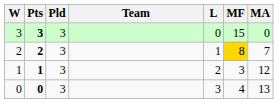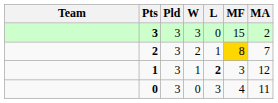 <table class=wikitable style="text-align:right">
 <tr>
-<th width=20>W</th>
+<th width=175>Team</th>
 <th width=20>Pts</th>
 <th width=20>Pld</th>
-<th width=175>Team</th>
+<th width=20>W</th>
 <th width=20>L</th>
 <th width=20>MF</th>
 <th width=20>MA</th>
 </tr>
 <tr bgcolor=ccffcc>
-<td>3</td>
+<td style="text-align:left"><strong></strong></td>
 <td><strong>3</strong></td>
 <td>3</td>
-<td style="text-align:left"><strong></strong></td>
+<td>3</td>
 <td>0</td>
 <td>15</td>
-<td>0</td>
+<td>2</td>
 </tr>
 <tr>
-<td>2</td>
+<td style="text-align:left"></td>
 <td><strong>2</strong></td>
 <td>3</td>
-<td style="text-align:left"></td>
+<td>2</td>
 <td>1</td>
 <td style="background: gold;">8</td>
 <td>7</td>
 </tr>
 <tr>
-<td>1</td>
+<td style="text-align:left"></td>
 <td><strong>1</strong></td>
 <td>3</td>
-<td style="text-align:left"></td>
-<td>2</td>
+<td>1</td>
+<td><strong>2</strong></td>
 <td>3</td>
 <td>12</td>
 </tr>
 <tr>
-<td>0</td>
+<td style="text-align:left"></td>
 <td><strong>0</strong></td>
 <td>3</td>
-<td style="text-align:left"></td>
+<td>0</td>
 <td>3</td>
 <td>4</td>
-<td>13</td>
+<td>11</td>
 </tr>
 </table>
